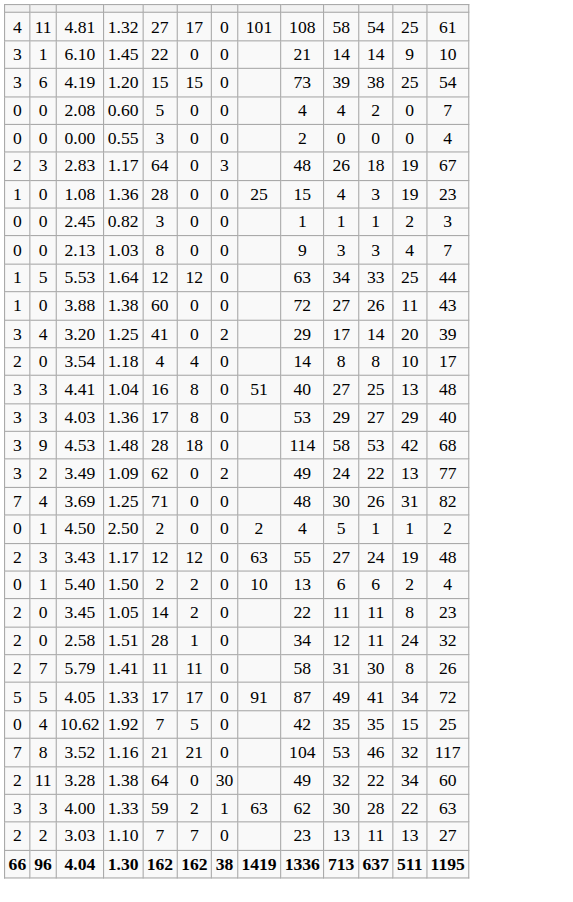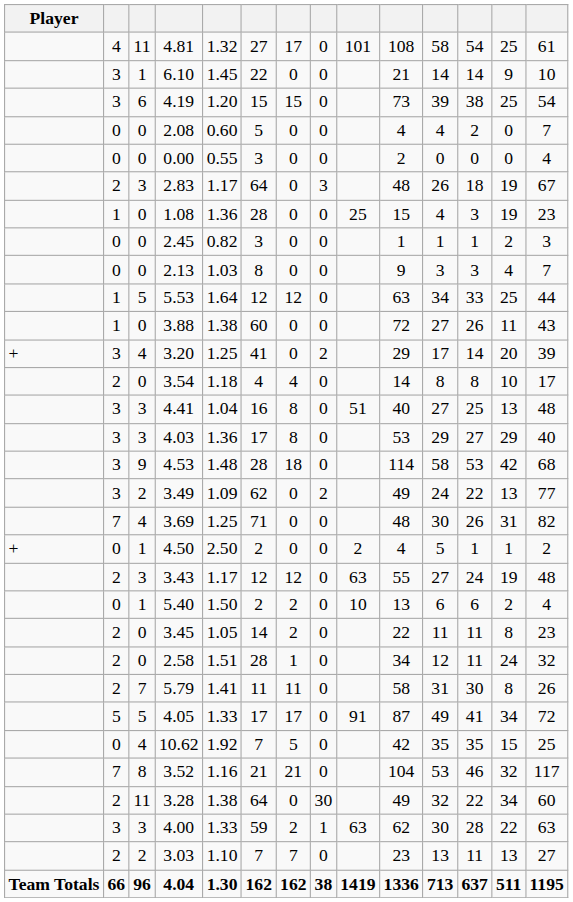 <table class="wikitable sortable" style="text-align:center;">
 <tr>
+<th>Player</th>
 <th></th>
 <th></th>
 <th></th>
 <th></th>
 <th></th>
 <th></th>
 <th></th>
 <th></th>
 <th></th>
 <th></th>
 <th></th>
 <th></th>
 <th></th>
 </tr>
 <tr>
+<td align=left></td>
 <td>4</td>
 <td>11</td>
 <td>4.81</td>
 <td>1.32</td>
 <td>27</td>
 <td>17</td>
 <td>0</td>
 <td>101</td>
 <td>108</td>
 <td>58</td>
 <td>54</td>
 <td>25</td>
 <td>61</td>
 </tr>
 <tr>
+<td align=left></td>
 <td>3</td>
 <td>1</td>
 <td>6.10</td>
 <td>1.45</td>
 <td>22</td>
 <td>0</td>
 <td>0</td>
 <td></td>
 <td>21</td>
 <td>14</td>
 <td>14</td>
 <td>9</td>
 <td>10</td>
 </tr>
 <tr>
+<td align=left></td>
 <td>3</td>
 <td>6</td>
 <td>4.19</td>
 <td>1.20</td>
 <td>15</td>
 <td>15</td>
 <td>0</td>
 <td></td>
 <td>73</td>
 <td>39</td>
 <td>38</td>
 <td>25</td>
 <td>54</td>
 </tr>
 <tr>
+<td align=left></td>
 <td>0</td>
 <td>0</td>
 <td>2.08</td>
 <td>0.60</td>
 <td>5</td>
 <td>0</td>
 <td>0</td>
 <td></td>
 <td>4</td>
 <td>4</td>
 <td>2</td>
 <td>0</td>
 <td>7</td>
 </tr>
 <tr>
+<td align=left></td>
 <td>0</td>
 <td>0</td>
 <td>0.00</td>
 <td>0.55</td>
 <td>3</td>
 <td>0</td>
 <td>0</td>
 <td></td>
 <td>2</td>
 <td>0</td>
 <td>0</td>
 <td>0</td>
 <td>4</td>
 </tr>
 <tr>
+<td align=left></td>
 <td>2</td>
 <td>3</td>
 <td>2.83</td>
 <td>1.17</td>
 <td>64</td>
 <td>0</td>
 <td>3</td>
 <td></td>
 <td>48</td>
 <td>26</td>
 <td>18</td>
 <td>19</td>
 <td>67</td>
 </tr>
 <tr>
+<td align=left></td>
 <td>1</td>
 <td>0</td>
 <td>1.08</td>
 <td>1.36</td>
 <td>28</td>
 <td>0</td>
 <td>0</td>
 <td>25</td>
 <td>15</td>
 <td>4</td>
 <td>3</td>
 <td>19</td>
 <td>23</td>
 </tr>
 <tr>
+<td align=left></td>
 <td>0</td>
 <td>0</td>
 <td>2.45</td>
 <td>0.82</td>
 <td>3</td>
 <td>0</td>
 <td>0</td>
 <td></td>
 <td>1</td>
 <td>1</td>
 <td>1</td>
 <td>2</td>
 <td>3</td>
 </tr>
 <tr>
+<td align=left></td>
 <td>0</td>
 <td>0</td>
 <td>2.13</td>
 <td>1.03</td>
 <td>8</td>
 <td>0</td>
 <td>0</td>
 <td></td>
 <td>9</td>
 <td>3</td>
 <td>3</td>
 <td>4</td>
 <td>7</td>
 </tr>
 <tr>
+<td align=left></td>
 <td>1</td>
 <td>5</td>
 <td>5.53</td>
 <td>1.64</td>
 <td>12</td>
 <td>12</td>
 <td>0</td>
 <td></td>
 <td>63</td>
 <td>34</td>
 <td>33</td>
 <td>25</td>
 <td>44</td>
 </tr>
 <tr>
+<td align=left></td>
 <td>1</td>
 <td>0</td>
 <td>3.88</td>
 <td>1.38</td>
 <td>60</td>
 <td>0</td>
 <td>0</td>
 <td></td>
 <td>72</td>
 <td>27</td>
 <td>26</td>
 <td>11</td>
 <td>43</td>
 </tr>
 <tr>
+<td align=left>+</td>
 <td>3</td>
 <td>4</td>
 <td>3.20</td>
 <td>1.25</td>
 <td>41</td>
 <td>0</td>
 <td>2</td>
 <td></td>
 <td>29</td>
 <td>17</td>
 <td>14</td>
 <td>20</td>
 <td>39</td>
 </tr>
 <tr>
+<td align=left></td>
 <td>2</td>
 <td>0</td>
 <td>3.54</td>
 <td>1.18</td>
 <td>4</td>
 <td>4</td>
 <td>0</td>
 <td></td>
 <td>14</td>
 <td>8</td>
 <td>8</td>
 <td>10</td>
 <td>17</td>
 </tr>
 <tr>
+<td align=left></td>
 <td>3</td>
 <td>3</td>
 <td>4.41</td>
 <td>1.04</td>
 <td>16</td>
 <td>8</td>
 <td>0</td>
 <td>51</td>
 <td>40</td>
 <td>27</td>
 <td>25</td>
 <td>13</td>
 <td>48</td>
 </tr>
 <tr>
+<td align=left></td>
 <td>3</td>
 <td>3</td>
 <td>4.03</td>
 <td>1.36</td>
 <td>17</td>
 <td>8</td>
 <td>0</td>
 <td></td>
 <td>53</td>
 <td>29</td>
 <td>27</td>
 <td>29</td>
 <td>40</td>
 </tr>
 <tr>
+<td align=left></td>
 <td>3</td>
 <td>9</td>
 <td>4.53</td>
 <td>1.48</td>
 <td>28</td>
 <td>18</td>
 <td>0</td>
 <td></td>
 <td>114</td>
 <td>58</td>
 <td>53</td>
 <td>42</td>
 <td>68</td>
 </tr>
 <tr>
+<td align=left></td>
 <td>3</td>
 <td>2</td>
 <td>3.49</td>
 <td>1.09</td>
 <td>62</td>
 <td>0</td>
 <td>2</td>
 <td></td>
 <td>49</td>
 <td>24</td>
 <td>22</td>
 <td>13</td>
 <td>77</td>
 </tr>
 <tr>
+<td align=left></td>
 <td>7</td>
 <td>4</td>
 <td>3.69</td>
 <td>1.25</td>
 <td>71</td>
 <td>0</td>
 <td>0</td>
 <td></td>
 <td>48</td>
 <td>30</td>
 <td>26</td>
 <td>31</td>
 <td>82</td>
 </tr>
 <tr>
+<td align=left>+</td>
 <td>0</td>
 <td>1</td>
 <td>4.50</td>
 <td>2.50</td>
 <td>2</td>
 <td>0</td>
 <td>0</td>
 <td>2</td>
 <td>4</td>
 <td>5</td>
 <td>1</td>
 <td>1</td>
 <td>2</td>
 </tr>
 <tr>
+<td align=left></td>
 <td>2</td>
 <td>3</td>
 <td>3.43</td>
 <td>1.17</td>
 <td>12</td>
 <td>12</td>
 <td>0</td>
 <td>63</td>
 <td>55</td>
 <td>27</td>
 <td>24</td>
 <td>19</td>
 <td>48</td>
 </tr>
 <tr>
+<td align=left></td>
 <td>0</td>
 <td>1</td>
 <td>5.40</td>
 <td>1.50</td>
 <td>2</td>
 <td>2</td>
 <td>0</td>
 <td>10</td>
 <td>13</td>
 <td>6</td>
 <td>6</td>
 <td>2</td>
 <td>4</td>
 </tr>
 <tr>
+<td align=left></td>
 <td>2</td>
 <td>0</td>
 <td>3.45</td>
 <td>1.05</td>
 <td>14</td>
 <td>2</td>
 <td>0</td>
 <td></td>
 <td>22</td>
 <td>11</td>
 <td>11</td>
 <td>8</td>
 <td>23</td>
 </tr>
 <tr>
+<td align=left></td>
 <td>2</td>
 <td>0</td>
 <td>2.58</td>
 <td>1.51</td>
 <td>28</td>
 <td>1</td>
 <td>0</td>
 <td></td>
 <td>34</td>
 <td>12</td>
 <td>11</td>
 <td>24</td>
 <td>32</td>
 </tr>
 <tr>
+<td align=left></td>
 <td>2</td>
 <td>7</td>
 <td>5.79</td>
 <td>1.41</td>
 <td>11</td>
 <td>11</td>
 <td>0</td>
 <td></td>
 <td>58</td>
 <td>31</td>
 <td>30</td>
 <td>8</td>
 <td>26</td>
 </tr>
 <tr>
+<td align=left></td>
 <td>5</td>
 <td>5</td>
 <td>4.05</td>
 <td>1.33</td>
 <td>17</td>
 <td>17</td>
 <td>0</td>
 <td>91</td>
 <td>87</td>
 <td>49</td>
 <td>41</td>
 <td>34</td>
 <td>72</td>
 </tr>
 <tr>
+<td align=left></td>
 <td>0</td>
 <td>4</td>
 <td>10.62</td>
 <td>1.92</td>
 <td>7</td>
 <td>5</td>
 <td>0</td>
 <td></td>
 <td>42</td>
 <td>35</td>
 <td>35</td>
 <td>15</td>
 <td>25</td>
 </tr>
 <tr>
+<td align=left></td>
 <td>7</td>
 <td>8</td>
 <td>3.52</td>
 <td>1.16</td>
 <td>21</td>
 <td>21</td>
 <td>0</td>
 <td></td>
 <td>104</td>
 <td>53</td>
 <td>46</td>
 <td>32</td>
 <td>117</td>
 </tr>
 <tr>
+<td align=left></td>
 <td>2</td>
 <td>11</td>
 <td>3.28</td>
 <td>1.38</td>
 <td>64</td>
 <td>0</td>
 <td>30</td>
 <td></td>
 <td>49</td>
 <td>32</td>
 <td>22</td>
 <td>34</td>
 <td>60</td>
 </tr>
 <tr>
+<td align=left></td>
 <td>3</td>
 <td>3</td>
 <td>4.00</td>
 <td>1.33</td>
 <td>59</td>
 <td>2</td>
 <td>1</td>
 <td>63</td>
 <td>62</td>
 <td>30</td>
 <td>28</td>
 <td>22</td>
 <td>63</td>
 </tr>
 <tr>
+<td align=left></td>
 <td>2</td>
 <td>2</td>
 <td>3.03</td>
 <td>1.10</td>
 <td>7</td>
 <td>7</td>
 <td>0</td>
 <td></td>
 <td>23</td>
 <td>13</td>
 <td>11</td>
 <td>13</td>
 <td>27</td>
 </tr>
 <tr>
+<td align=left><strong>Team Totals</strong></td>
 <td><strong>66</strong></td>
 <td><strong>96</strong></td>
 <td><strong>4.04</strong></td>
 <td><strong>1.30</strong></td>
 <td><strong>162</strong></td>
 <td><strong>162</strong></td>
 <td><strong>38</strong></td>
 <td><strong>1419</strong></td>
 <td><strong>1336</strong></td>
 <td><strong>713</strong></td>
 <td><strong>637</strong></td>
 <td><strong>511</strong></td>
 <td><strong>1195</strong></td>
 </tr>
 </table>
